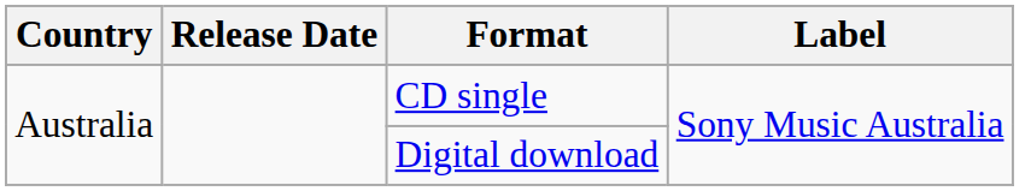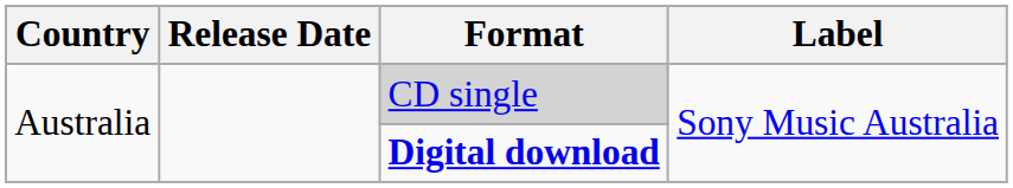 <table class="wikitable">
 <tr>
 <th>Country</th>
 <th>Release Date</th>
 <th>Format</th>
 <th>Label</th>
 </tr>
 <tr>
 <td rowspan="2">Australia</td>
 <td rowspan="2"></td>
-<td><a href='#'>CD single</a></td>
+<td style="background: lightgrey;"><a href='#'>CD single</a></td>
 <td rowspan="2"><a href='#'>Sony Music Australia</a></td>
 </tr>
 <tr>
-<td><a href='#'>Digital download</a></td>
+<td><strong><a href='#'>Digital download</a></strong></td>
 </tr>
 </table>
